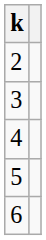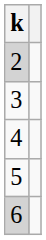 <table class="wikitable">
 <tr>
 <th>k</th>
 <th></th>
 </tr>
 <tr>
-<td>2</td>
+<td style="background: lightgrey;">2</td>
 <td></td>
 </tr>
 <tr>
 <td>3</td>
 <td></td>
 </tr>
 <tr>
 <td>4</td>
 <td></td>
 </tr>
 <tr>
 <td>5</td>
 <td></td>
 </tr>
 <tr>
-<td>6</td>
+<td style="background: lightgrey;">6</td>
 <td></td>
 </tr>
 </table>
